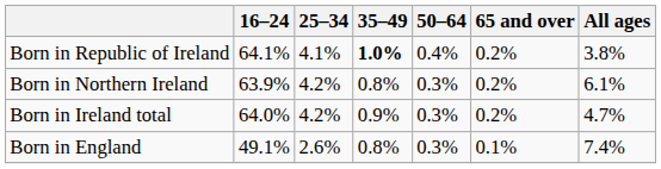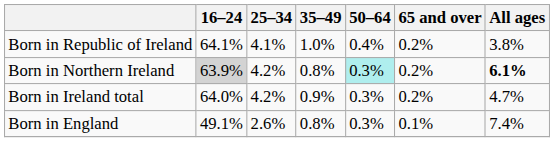 <table class="wikitable">
 <tr>
 <th></th>
 <th>16–24</th>
 <th>25–34</th>
 <th>35–49</th>
 <th>50–64</th>
 <th>65 and over</th>
 <th>All ages</th>
 </tr>
 <tr>
 <td>Born in Republic of Ireland</td>
 <td>64.1%</td>
 <td>4.1%</td>
-<td><strong>1.0%</strong></td>
+<td>1.0%</td>
 <td>0.4%</td>
 <td>0.2%</td>
 <td>3.8%</td>
 </tr>
 <tr>
 <td>Born in Northern Ireland</td>
-<td>63.9%</td>
+<td style="background: lightgrey;">63.9%</td>
 <td>4.2%</td>
 <td>0.8%</td>
-<td>0.3%</td>
+<td style="background: paleturquoise;">0.3%</td>
 <td>0.2%</td>
-<td>6.1%</td>
+<td><strong>6.1%</strong></td>
 </tr>
 <tr>
 <td>Born in Ireland total</td>
 <td>64.0%</td>
 <td>4.2%</td>
 <td>0.9%</td>
 <td>0.3%</td>
 <td>0.2%</td>
 <td>4.7%</td>
 </tr>
 <tr>
 <td>Born in England</td>
 <td>49.1%</td>
 <td>2.6%</td>
 <td>0.8%</td>
 <td>0.3%</td>
 <td>0.1%</td>
 <td>7.4%</td>
 </tr>
 <tr>
 </tr>
 </table>
